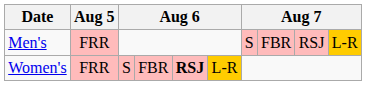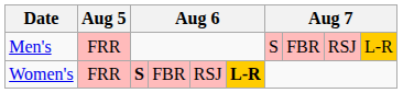 <table class="wikitable olympic-schedule Modern Pentathlon">
 <tr>
 <th>Date</th>
 <th>Aug 5</th>
 <th colspan="4">Aug 6</th>
 <th colspan="4">Aug 7</th>
 </tr>
 <tr>
 <td class="event"><a href='#'>Men's</a></td>
 <td align=center bgcolor="#FFBBBB">FRR</td>
 <td colspan="4"></td>
 <td align=center bgcolor="#FFBBBB">S</td>
 <td align=center bgcolor="#FFBBBB">FBR</td>
 <td align=center bgcolor="#FFBBBB">RSJ</td>
 <td align=center bgcolor="#ffcc00">L-R</td>
 </tr>
 <tr>
 <td class="event"><a href='#'>Women's</a></td>
 <td align=center bgcolor="#FFBBBB">FRR</td>
-<td align=center bgcolor="#FFBBBB">S</td>
+<td align=center bgcolor="#FFBBBB"><strong>S</strong></td>
 <td align=center bgcolor="#FFBBBB">FBR</td>
-<td align=center bgcolor="#FFBBBB"><strong>RSJ</strong></td>
-<td align=center bgcolor="#ffcc00">L-R</td>
+<td align=center bgcolor="#FFBBBB">RSJ</td>
+<td align=center bgcolor="#ffcc00"><strong>L-R</strong></td>
 <td colspan="4"></td>
 </tr>
 </table>
